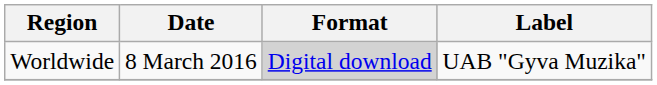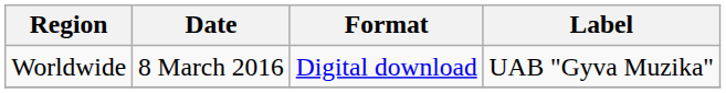 <table class="wikitable">
 <tr>
 <th>Region</th>
 <th>Date</th>
 <th>Format</th>
 <th>Label</th>
 </tr>
 <tr>
 <td>Worldwide</td>
 <td>8 March 2016</td>
-<td style="background: lightgrey;"><a href='#'>Digital download</a></td>
+<td><a href='#'>Digital download</a></td>
 <td>UAB "Gyva Muzika"</td>
 </tr>
 <tr>
 </tr>
 </table>
